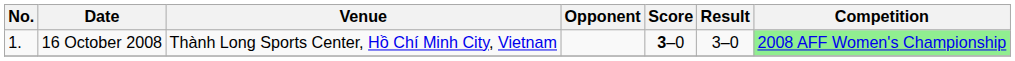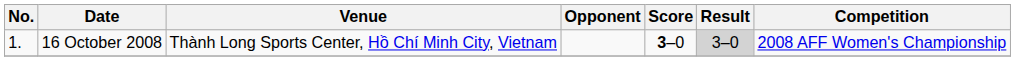 <table class="wikitable">
 <tr>
 <th>No.</th>
 <th>Date</th>
 <th>Venue</th>
 <th>Opponent</th>
 <th>Score</th>
 <th>Result</th>
 <th>Competition</th>
 </tr>
 <tr>
 <td>1.</td>
 <td>16 October 2008</td>
 <td>Thành Long Sports Center, <a href='#'>Hồ Chí Minh City</a>, <a href='#'>Vietnam</a></td>
 <td></td>
 <td align=center><strong>3</strong>–0</td>
-<td align=center>3–0</td>
-<td style="background: lightgreen;"><a href='#'>2008 AFF Women's Championship</a></td>
+<td align=center style="background: lightgrey;">3–0</td>
+<td><a href='#'>2008 AFF Women's Championship</a></td>
 </tr>
 <tr>
 </tr>
 </table>
